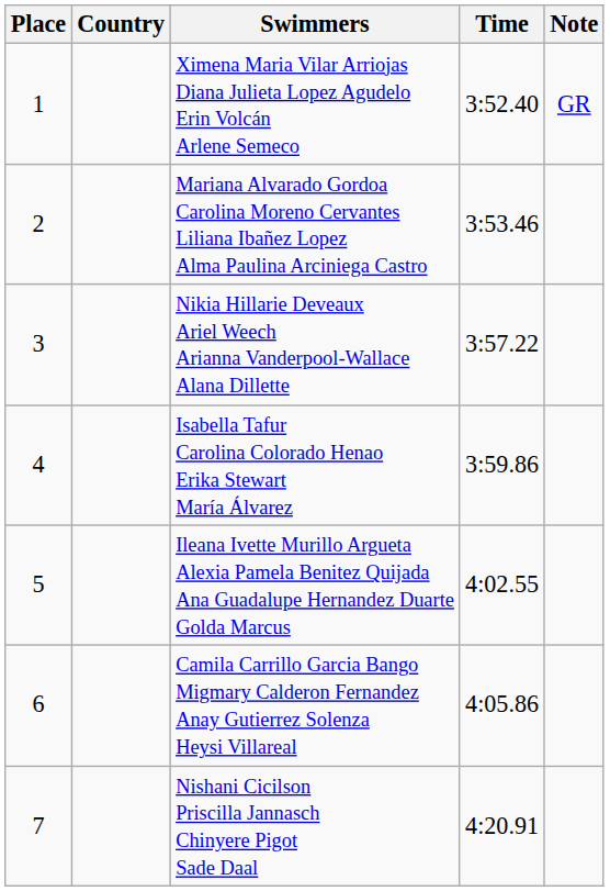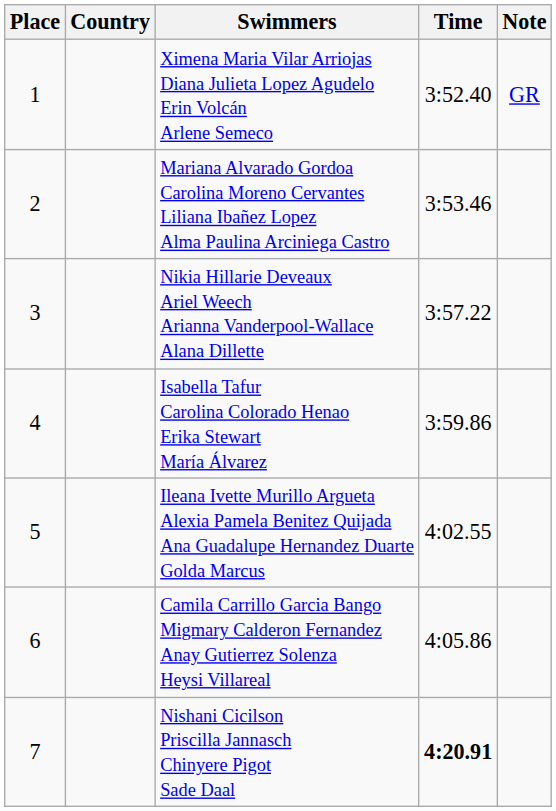 <table class="wikitable" style="text-align:center">
 <tr>
 <th>Place</th>
 <th>Country</th>
 <th>Swimmers</th>
 <th>Time</th>
 <th>Note</th>
 </tr>
 <tr>
 <td>1</td>
 <td align=left></td>
 <td align=left><small><a href='#'>Ximena Maria Vilar Arriojas</a><br> <a href='#'>Diana Julieta Lopez Agudelo</a><br> <a href='#'>Erin Volcán</a><br> <a href='#'>Arlene Semeco</a> </small></td>
 <td>3:52.40</td>
 <td><a href='#'>GR</a></td>
 </tr>
 <tr>
 <td>2</td>
 <td align=left></td>
 <td align=left><small><a href='#'>Mariana Alvarado Gordoa</a><br> <a href='#'>Carolina Moreno Cervantes</a><br> <a href='#'>Liliana Ibañez Lopez</a><br> <a href='#'>Alma Paulina Arciniega Castro</a> </small></td>
 <td>3:53.46</td>
 <td></td>
 </tr>
 <tr>
 <td>3</td>
 <td align=left></td>
 <td align=left><small><a href='#'>Nikia Hillarie Deveaux</a><br> <a href='#'>Ariel Weech</a><br> <a href='#'>Arianna Vanderpool-Wallace</a><br> <a href='#'>Alana Dillette</a> </small></td>
 <td>3:57.22</td>
 <td></td>
 </tr>
 <tr>
 <td>4</td>
 <td align=left></td>
 <td align=left><small><a href='#'>Isabella Tafur</a><br> <a href='#'>Carolina Colorado Henao</a><br> <a href='#'>Erika Stewart</a><br> <a href='#'>María Álvarez</a> </small></td>
 <td>3:59.86</td>
 <td></td>
 </tr>
 <tr>
 <td>5</td>
 <td align=left></td>
 <td align=left><small><a href='#'>Ileana Ivette Murillo Argueta</a><br> <a href='#'>Alexia Pamela Benitez Quijada</a><br> <a href='#'>Ana Guadalupe Hernandez Duarte</a><br> <a href='#'>Golda Marcus</a> </small></td>
 <td>4:02.55</td>
 <td></td>
 </tr>
 <tr>
 <td>6</td>
 <td align=left></td>
 <td align=left><small><a href='#'>Camila Carrillo Garcia Bango</a><br> <a href='#'>Migmary Calderon Fernandez</a><br> <a href='#'>Anay Gutierrez Solenza</a><br> <a href='#'>Heysi Villareal</a> </small></td>
 <td>4:05.86</td>
 <td></td>
 </tr>
 <tr>
 <td>7</td>
 <td align=left></td>
 <td align=left><small><a href='#'>Nishani Cicilson</a><br> <a href='#'>Priscilla Jannasch</a><br> <a href='#'>Chinyere Pigot</a><br> <a href='#'>Sade Daal</a> </small></td>
-<td>4:20.91</td>
+<td><strong>4:20.91</strong></td>
 <td></td>
 </tr>
 <tr>
 </tr>
 </table>
